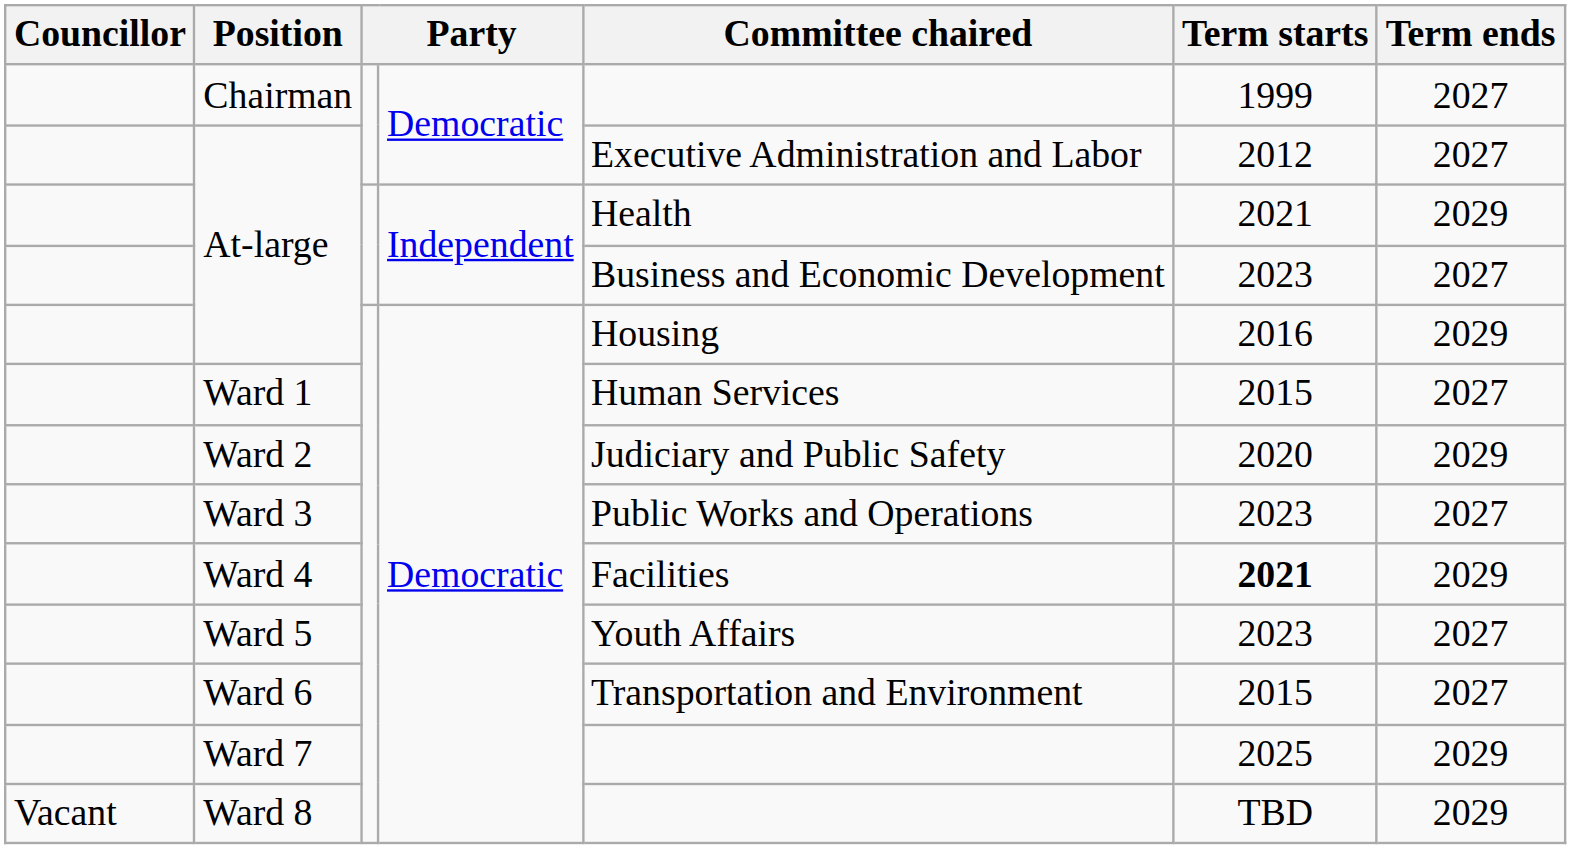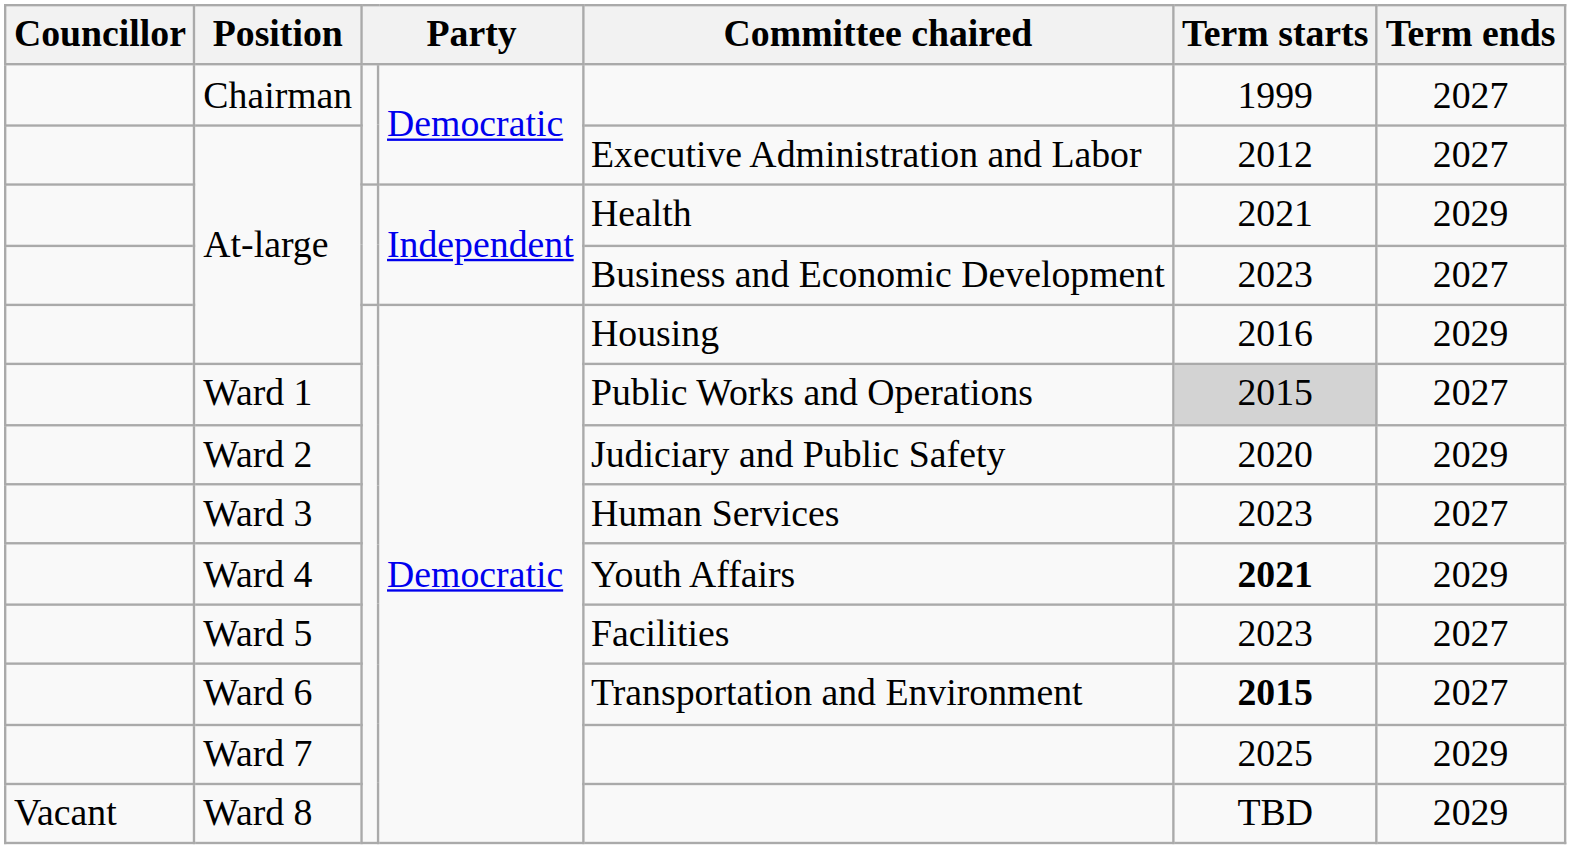 <table class="wikitable sortable">
 <tr>
 <th scope="col">Councillor</th>
 <th scope="col">Position</th>
 <th scope="col" colspan="2">Party</th>
 <th scope="col">Committee chaired</th>
 <th scope="col">Term starts</th>
 <th scope="col">Term ends</th>
 </tr>
 <tr>
 <td></td>
 <td>Chairman</td>
 <td rowspan="2" style="background-color:"></td>
 <td rowspan="2"><a href='#'>Democratic</a></td>
 <td></td>
 <td align="center">1999</td>
 <td align="center">2027</td>
 </tr>
 <tr>
 <td></td>
 <td rowspan="4">At-large</td>
 <td>Executive Administration and Labor</td>
 <td align="center">2012</td>
 <td align="center">2027</td>
 </tr>
 <tr>
 <td></td>
 <td rowspan="2" style="background-color:"></td>
 <td rowspan="2"><a href='#'>Independent</a></td>
 <td>Health</td>
 <td align="center">2021</td>
 <td align="center">2029</td>
 </tr>
 <tr>
 <td></td>
 <td>Business and Economic Development</td>
 <td align="center">2023</td>
 <td align="center">2027</td>
 </tr>
 <tr>
 <td></td>
 <td rowspan="9" style="background-color:"></td>
 <td rowspan="9"><a href='#'>Democratic</a></td>
 <td>Housing</td>
 <td align="center">2016</td>
 <td align="center">2029</td>
 </tr>
 <tr>
 <td></td>
 <td>Ward 1</td>
-<td>Human Services</td>
-<td align="center">2015</td>
+<td>Public Works and Operations</td>
+<td align="center" style="background: lightgrey;">2015</td>
 <td align="center">2027</td>
 </tr>
 <tr>
 <td></td>
 <td>Ward 2</td>
 <td>Judiciary and Public Safety</td>
 <td align="center">2020</td>
 <td align="center">2029</td>
 </tr>
 <tr>
 <td></td>
 <td>Ward 3</td>
-<td>Public Works and Operations</td>
+<td>Human Services</td>
 <td align="center">2023</td>
 <td align="center">2027</td>
 </tr>
 <tr>
 <td></td>
 <td>Ward 4</td>
-<td>Facilities</td>
+<td>Youth Affairs</td>
 <td align="center"><strong>2021</strong></td>
 <td align="center">2029</td>
 </tr>
 <tr>
 <td></td>
 <td>Ward 5</td>
-<td>Youth Affairs</td>
+<td>Facilities</td>
 <td align="center">2023</td>
 <td align="center">2027</td>
 </tr>
 <tr>
 <td></td>
 <td>Ward 6</td>
 <td>Transportation and Environment</td>
-<td align="center">2015</td>
+<td align="center"><strong>2015</strong></td>
 <td align="center">2027</td>
 </tr>
 <tr>
 <td></td>
 <td>Ward 7</td>
 <td></td>
 <td align="center">2025</td>
 <td align="center">2029</td>
 </tr>
 <tr>
 <td>Vacant</td>
 <td>Ward 8</td>
 <td></td>
 <td align="center">TBD</td>
 <td align="center">2029</td>
 </tr>
 </table>
